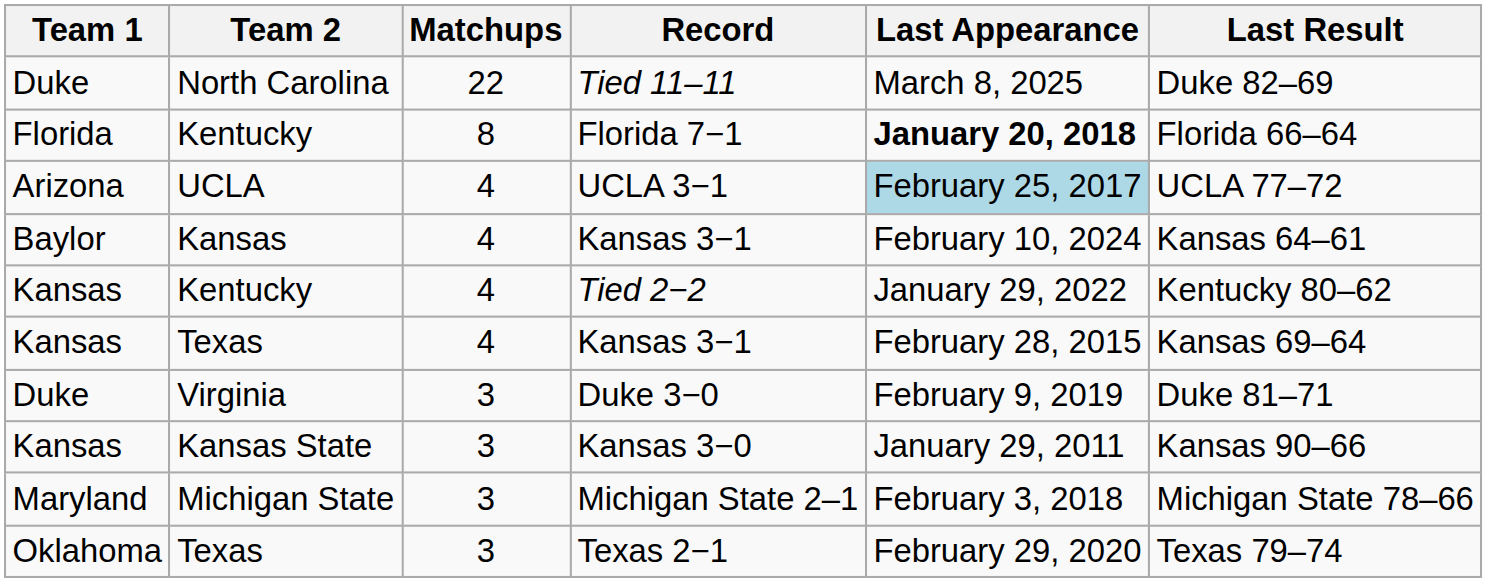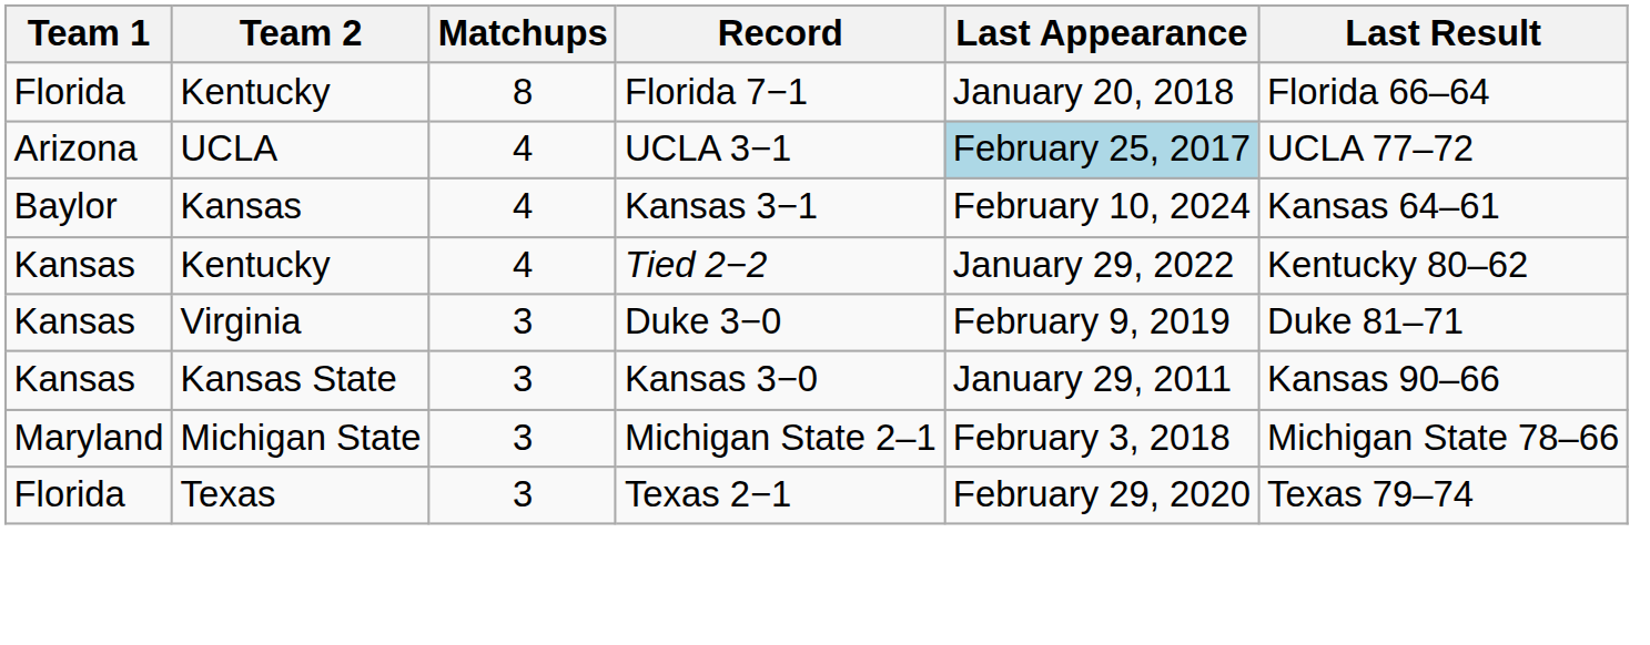 <table class="wikitable sortable">
 <tr>
 <th>Team 1</th>
 <th>Team 2</th>
 <th>Matchups</th>
 <th>Record</th>
 <th>Last Appearance</th>
 <th>Last Result</th>
 </tr>
 <tr>
-<td>Duke</td>
-<td>North Carolina</td>
-<td align=center>22</td>
-<td><em>Tied 11–11</em></td>
-<td>March 8, 2025</td>
-<td>Duke 82–69</td>
-</tr>
-<tr>
 <td>Florida</td>
 <td>Kentucky</td>
 <td align=center>8</td>
 <td>Florida 7−1</td>
-<td><strong>January 20, 2018</strong></td>
+<td>January 20, 2018</td>
 <td>Florida 66–64</td>
 </tr>
 <tr>
 <td>Arizona</td>
 <td>UCLA</td>
 <td align=center>4</td>
 <td>UCLA 3−1</td>
 <td style="background: lightblue;">February 25, 2017</td>
 <td>UCLA 77–72</td>
 </tr>
 <tr>
 <td>Baylor</td>
 <td>Kansas</td>
 <td align=center>4</td>
 <td>Kansas 3−1</td>
 <td>February 10, 2024</td>
 <td>Kansas 64–61</td>
 </tr>
 <tr>
 <td>Kansas</td>
 <td>Kentucky</td>
 <td align=center>4</td>
 <td><em>Tied 2−2</em></td>
 <td>January 29, 2022</td>
 <td>Kentucky 80–62</td>
 </tr>
 <tr>
 <td>Kansas</td>
-<td>Texas</td>
-<td align=center>4</td>
-<td>Kansas 3−1</td>
-<td>February 28, 2015</td>
-<td>Kansas 69–64</td>
-</tr>
-<tr>
-<td>Duke</td>
 <td>Virginia</td>
 <td align=center>3</td>
 <td>Duke 3−0</td>
 <td>February 9, 2019</td>
 <td>Duke 81–71</td>
 </tr>
 <tr>
 <td>Kansas</td>
 <td>Kansas State</td>
 <td align=center>3</td>
 <td>Kansas 3−0</td>
 <td>January 29, 2011</td>
 <td>Kansas 90–66</td>
 </tr>
 <tr>
 <td>Maryland</td>
 <td>Michigan State</td>
 <td align=center>3</td>
 <td>Michigan State 2–1</td>
 <td>February 3, 2018</td>
 <td>Michigan State 78–66</td>
 </tr>
 <tr>
-<td>Oklahoma</td>
+<td>Florida</td>
 <td>Texas</td>
 <td align=center>3</td>
 <td>Texas 2−1</td>
 <td>February 29, 2020</td>
 <td>Texas 79–74</td>
 </tr>
 </table>
